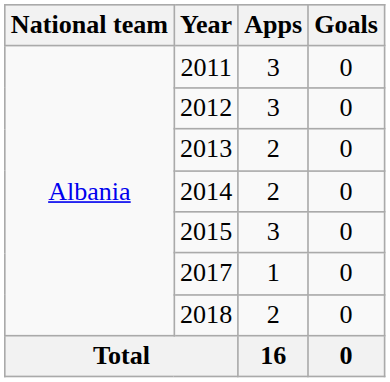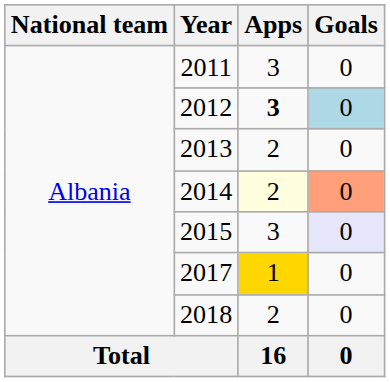 <table class="wikitable" style="text-align:center">
 <tr>
 <th>National team</th>
 <th>Year</th>
 <th>Apps</th>
 <th>Goals</th>
 </tr>
 <tr>
 <td rowspan="7"><a href='#'>Albania</a></td>
 <td>2011</td>
 <td>3</td>
 <td>0</td>
 </tr>
 <tr>
 <td>2012</td>
-<td>3</td>
-<td>0</td>
+<td><strong>3</strong></td>
+<td style="background: lightblue;">0</td>
 </tr>
 <tr>
 <td>2013</td>
 <td>2</td>
 <td>0</td>
 </tr>
 <tr>
 <td>2014</td>
-<td>2</td>
-<td>0</td>
+<td style="background: lightyellow;">2</td>
+<td style="background: lightsalmon;">0</td>
 </tr>
 <tr>
 <td>2015</td>
 <td>3</td>
-<td>0</td>
+<td style="background: lavender;">0</td>
 </tr>
 <tr>
 <td>2017</td>
-<td>1</td>
+<td style="background: gold;">1</td>
 <td>0</td>
 </tr>
 <tr>
 <td>2018</td>
 <td>2</td>
 <td>0</td>
 </tr>
 <tr>
 <th colspan="2">Total</th>
 <th>16</th>
 <th>0</th>
 </tr>
 </table>
